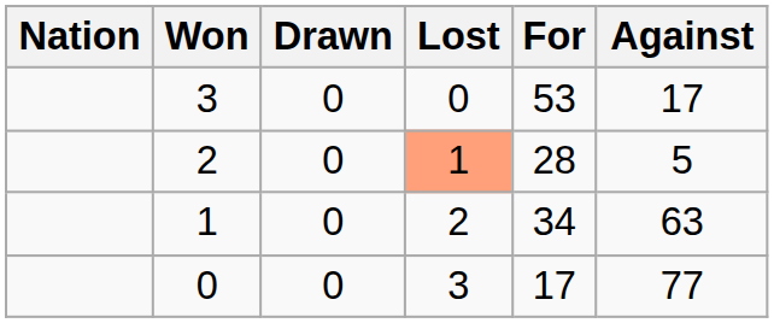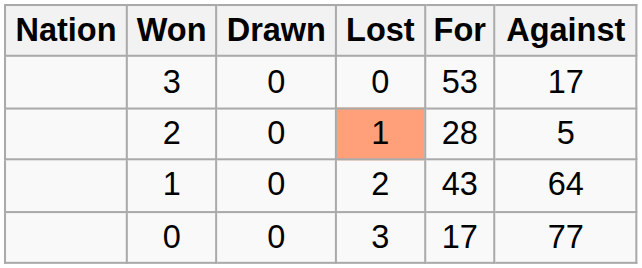 <table class="wikitable" border="1" style="text-align: center; width:50%">
 <tr>
 <th>Nation</th>
 <th>Won</th>
 <th>Drawn</th>
 <th>Lost</th>
 <th>For</th>
 <th>Against</th>
 </tr>
 <tr>
 <td align=left></td>
 <td>3</td>
 <td>0</td>
 <td>0</td>
 <td>53</td>
 <td>17</td>
 </tr>
 <tr>
 <td align=left></td>
 <td>2</td>
 <td>0</td>
 <td style="background: lightsalmon;">1</td>
 <td>28</td>
 <td>5</td>
 </tr>
 <tr>
 <td align=left></td>
 <td>1</td>
 <td>0</td>
 <td>2</td>
-<td>34</td>
-<td>63</td>
+<td>43</td>
+<td>64</td>
 </tr>
 <tr>
 <td align=left></td>
 <td>0</td>
 <td>0</td>
 <td>3</td>
 <td>17</td>
 <td>77</td>
 </tr>
 </table>
